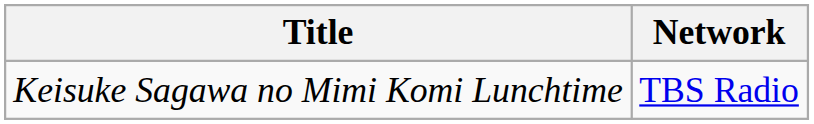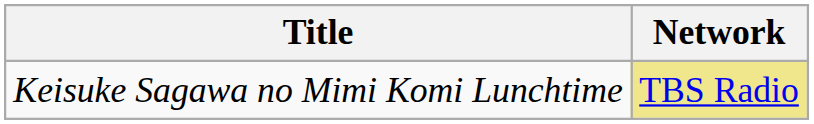 <table class="wikitable">
 <tr>
 <th>Title</th>
 <th>Network</th>
 </tr>
 <tr>
 <td><em>Keisuke Sagawa no Mimi Komi Lunchtime</em></td>
-<td><a href='#'>TBS Radio</a></td>
+<td style="background: khaki;"><a href='#'>TBS Radio</a></td>
 </tr>
 </table>
